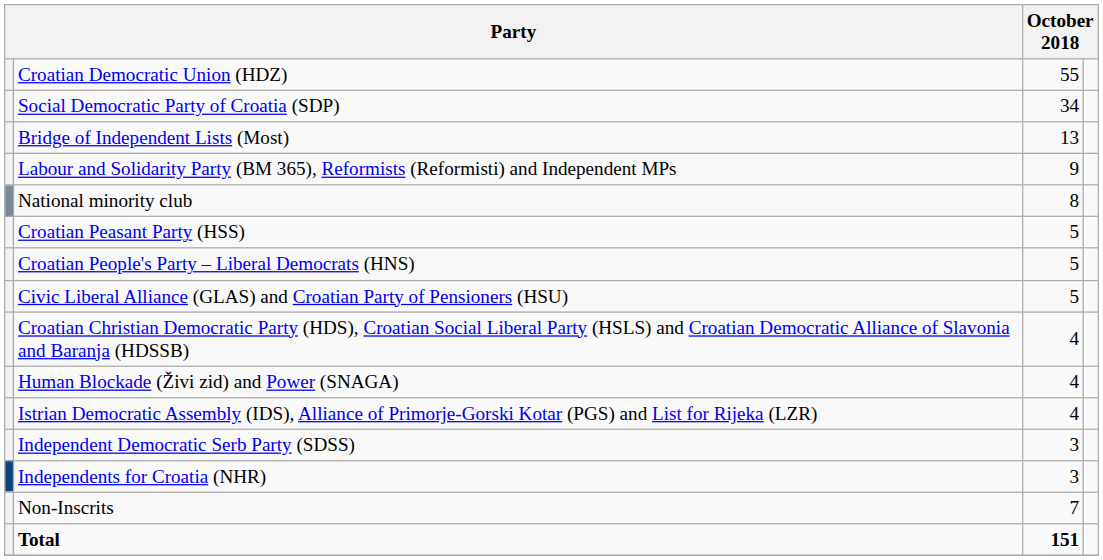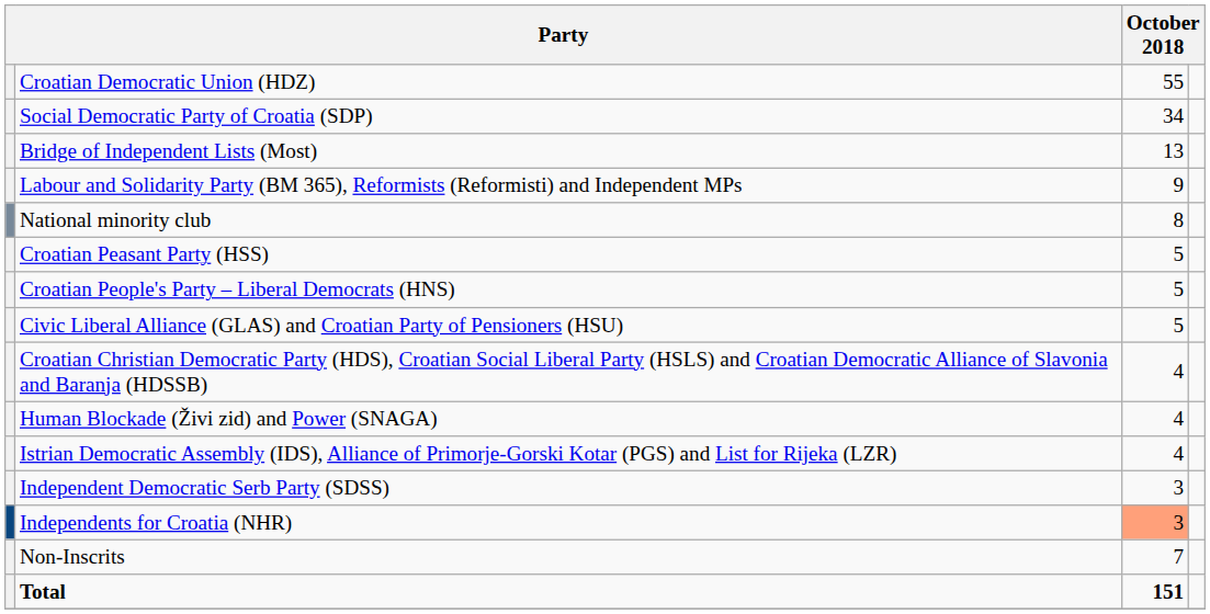 <table class="wikitable" style="font-size: 95%;">
 <tr>
 <th colspan=2>Party</th>
 <th colspan=2>October<br> 2018</th>
 </tr>
 <tr>
 <th style="background-color: "></th>
 <td><a href='#'>Croatian Democratic Union</a> (HDZ)</td>
 <td align="right">55</td>
 <td></td>
 </tr>
 <tr>
 <th style="background-color: "></th>
 <td><a href='#'>Social Democratic Party of Croatia</a> (SDP)</td>
 <td align="right">34</td>
 <td></td>
 </tr>
 <tr>
 <th style="background-color: "></th>
 <td><a href='#'>Bridge of Independent Lists</a> (Most)</td>
 <td align="right">13</td>
 <td></td>
 </tr>
 <tr>
 <th style="background-color: "></th>
 <td><a href='#'>Labour and Solidarity Party</a> (BM 365), <a href='#'>Reformists</a> (Reformisti) and Independent MPs</td>
 <td align="right">9</td>
 <td></td>
 </tr>
 <tr>
 <th style="background-color: #778899"></th>
 <td>National minority club</td>
 <td align="right">8</td>
 <td></td>
 </tr>
 <tr>
 <th style="background-color: "></th>
 <td><a href='#'>Croatian Peasant Party</a> (HSS)</td>
 <td align="right">5</td>
 <td></td>
 </tr>
 <tr>
 <th style="background-color: "></th>
 <td><a href='#'>Croatian People's Party – Liberal Democrats</a> (HNS)</td>
 <td align="right">5</td>
 <td></td>
 </tr>
 <tr>
 <th style="background-color: "></th>
 <td><a href='#'>Civic Liberal Alliance</a> (GLAS) and <a href='#'>Croatian Party of Pensioners</a> (HSU)</td>
 <td align="right">5</td>
 <td></td>
 </tr>
 <tr>
 <th style="background-color: "></th>
 <td><a href='#'>Croatian Christian Democratic Party</a> (HDS), <a href='#'>Croatian Social Liberal Party</a> (HSLS) and <a href='#'>Croatian Democratic Alliance of Slavonia and Baranja</a> (HDSSB)</td>
 <td align="right">4</td>
 <td></td>
 </tr>
 <tr>
 <th style="background-color: "></th>
 <td><a href='#'>Human Blockade</a> (Živi zid) and <a href='#'>Power</a> (SNAGA)</td>
 <td align="right">4</td>
 <td></td>
 </tr>
 <tr>
 <th style="background-color: "></th>
 <td><a href='#'>Istrian Democratic Assembly</a> (IDS), <a href='#'>Alliance of Primorje-Gorski Kotar</a> (PGS) and <a href='#'>List for Rijeka</a> (LZR)</td>
 <td align="right">4</td>
 <td></td>
 </tr>
 <tr>
 <th style="background-color: "></th>
 <td><a href='#'>Independent Democratic Serb Party</a> (SDSS)</td>
 <td align="right">3</td>
 <td></td>
 </tr>
 <tr>
 <th style="background-color: #08457E"></th>
 <td><a href='#'>Independents for Croatia</a> (NHR)</td>
-<td align="right">3</td>
+<td align="right" style="background: lightsalmon;">3</td>
 <td></td>
 </tr>
 <tr>
 <th style="background-color: "></th>
 <td>Non-Inscrits</td>
 <td align="right">7</td>
 <td></td>
 </tr>
 <tr>
 <th style="background-color: "></th>
 <td><strong>Total</strong></td>
 <td align="right"><strong>151</strong></td>
 <td></td>
 </tr>
 <tr>
 </tr>
 </table>
